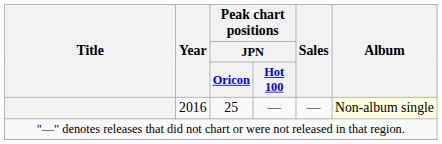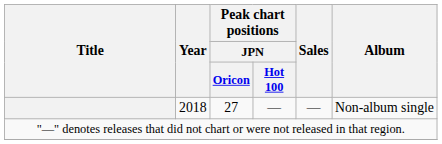 <table class="wikitable plainrowheaders" style="text-align:center;">
 <tr>
 <th scope="col" rowspan="3" style="width:12em;">Title</th>
 <th scope="col" rowspan="3">Year</th>
 <th scope="col" colspan="2">Peak chart positions</th>
 <th scope="col" rowspan="3">Sales</th>
 <th scope="col" rowspan="3">Album</th>
 </tr>
 <tr>
 <th scope="col" style="width:3em;font-size:90%;" colspan="2">JPN</th>
 </tr>
 <tr>
 <th scope="col" style="width:3em;font-size:90%;"><a href='#'>Oricon</a></th>
 <th scope="col" style="width:3em;font-size:90%;"><a href='#'>Hot 100</a></th>
 </tr>
 <tr>
 <th scope="row"></th>
-<td>2016</td>
-<td>25</td>
+<td>2018</td>
+<td>27</td>
 <td>—</td>
 <td>—</td>
-<td style="background: lightyellow;">Non-album single</td>
+<td>Non-album single</td>
 </tr>
 <tr>
 <td colspan="6" style="font-size:90%;">"—" denotes releases that did not chart or were not released in that region.</td>
 </tr>
 <tr>
 </tr>
 </table>
